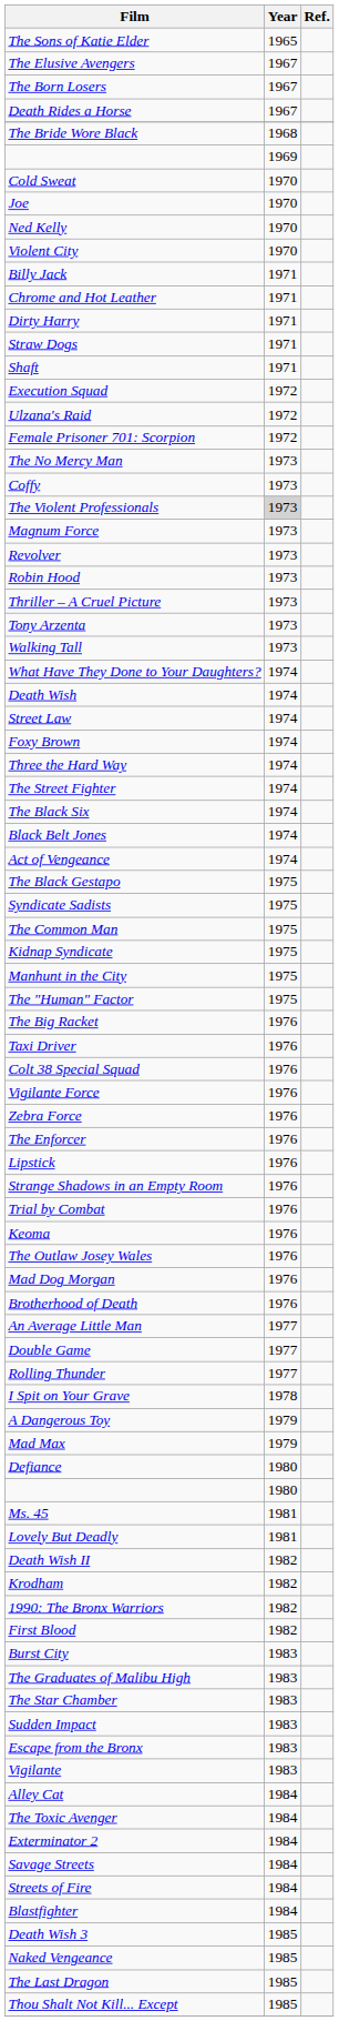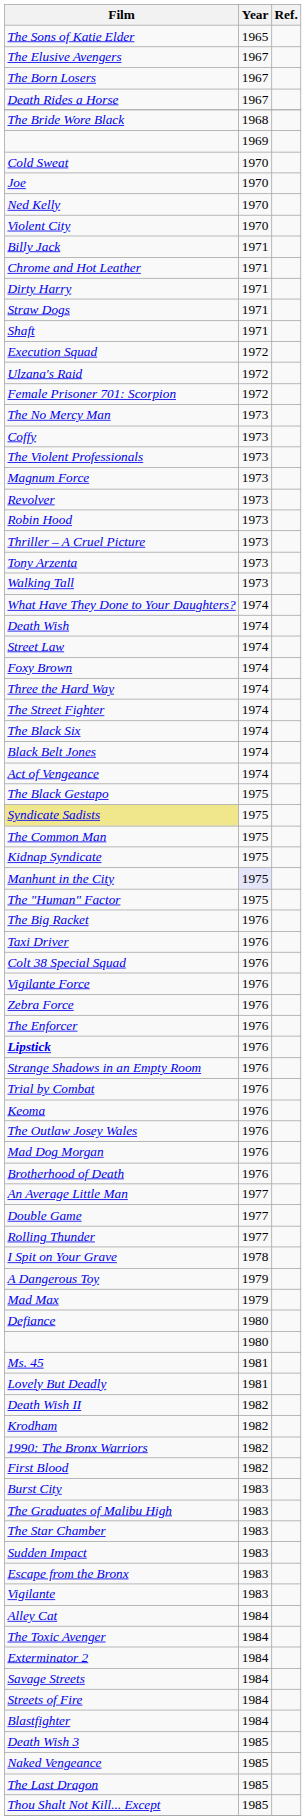 <table class="wikitable sortable" border="1" >
 <tr>
 <th scope="col">Film</th>
 <th scope="col">Year</th>
 <th scope="col" class="unsortable" style=white-space:nowrap>Ref.</th>
 </tr>
 <tr>
 <td><em><a href='#'>The Sons of Katie Elder</a></em></td>
 <td>1965</td>
 <td></td>
 </tr>
 <tr>
 <td><em><a href='#'>The Elusive Avengers</a></em></td>
 <td>1967</td>
 <td></td>
 </tr>
 <tr>
 <td><em><a href='#'>The Born Losers</a></em></td>
 <td>1967</td>
 <td></td>
 </tr>
 <tr>
 <td><em><a href='#'>Death Rides a Horse</a></em></td>
 <td>1967</td>
 <td></td>
 </tr>
 <tr>
 </tr>
 <tr>
 <td><em><a href='#'>The Bride Wore Black</a></em></td>
 <td>1968</td>
 <td></td>
 </tr>
 <tr>
 <td><em></em></td>
 <td>1969</td>
 <td></td>
 </tr>
 <tr>
 <td><em><a href='#'>Cold Sweat</a></em></td>
 <td>1970</td>
 <td></td>
 </tr>
 <tr>
 <td><em><a href='#'>Joe</a></em></td>
 <td>1970</td>
 <td></td>
 </tr>
 <tr>
 <td><em><a href='#'>Ned Kelly</a></em></td>
 <td>1970</td>
 <td></td>
 </tr>
 <tr>
 <td><em><a href='#'>Violent City</a></em></td>
 <td>1970</td>
 <td></td>
 </tr>
 <tr>
 <td><em><a href='#'>Billy Jack</a></em></td>
 <td>1971</td>
 <td></td>
 </tr>
 <tr>
 <td><em><a href='#'>Chrome and Hot Leather</a></em></td>
 <td>1971</td>
 <td></td>
 </tr>
 <tr>
 <td><em><a href='#'>Dirty Harry</a></em></td>
 <td>1971</td>
 <td></td>
 </tr>
 <tr>
 <td><em><a href='#'>Straw Dogs</a></em></td>
 <td>1971</td>
 <td></td>
 </tr>
 <tr>
 <td><em><a href='#'>Shaft</a></em></td>
 <td>1971</td>
 <td></td>
 </tr>
 <tr>
 <td><em><a href='#'>Execution Squad</a></em></td>
 <td>1972</td>
 <td></td>
 </tr>
 <tr>
 <td><em><a href='#'>Ulzana's Raid</a></em></td>
 <td>1972</td>
 <td></td>
 </tr>
 <tr>
 <td><em><a href='#'>Female Prisoner 701: Scorpion</a></em></td>
 <td>1972</td>
 <td></td>
 </tr>
 <tr>
 <td><em><a href='#'>The No Mercy Man</a></em></td>
 <td>1973</td>
 <td></td>
 </tr>
 <tr>
 <td><em><a href='#'>Coffy</a></em></td>
 <td>1973</td>
 <td></td>
 </tr>
 <tr>
 <td><em><a href='#'>The Violent Professionals</a></em></td>
-<td style="background: lightgrey;">1973</td>
+<td>1973</td>
 <td></td>
 </tr>
 <tr>
 <td><em> <a href='#'>Magnum Force</a> </em></td>
 <td>1973</td>
 <td></td>
 </tr>
 <tr>
 <td><em><a href='#'>Revolver</a></em></td>
 <td>1973</td>
 <td></td>
 </tr>
 <tr>
 <td><em><a href='#'>Robin Hood</a></em></td>
 <td>1973</td>
 <td></td>
 </tr>
 <tr>
 <td><em><a href='#'>Thriller – A Cruel Picture</a></em></td>
 <td>1973</td>
 <td></td>
 </tr>
 <tr>
 <td><em><a href='#'>Tony Arzenta</a></em></td>
 <td>1973</td>
 <td></td>
 </tr>
 <tr>
 <td><em><a href='#'>Walking Tall</a></em></td>
 <td>1973</td>
 <td></td>
 </tr>
 <tr>
 <td><em><a href='#'>What Have They Done to Your Daughters?</a></em></td>
 <td>1974</td>
 <td></td>
 </tr>
 <tr>
 <td><em><a href='#'>Death Wish</a></em></td>
 <td>1974</td>
 <td></td>
 </tr>
 <tr>
 <td><em><a href='#'>Street Law</a></em></td>
 <td>1974</td>
 <td></td>
 </tr>
 <tr>
 <td><em><a href='#'>Foxy Brown</a></em></td>
 <td>1974</td>
 <td></td>
 </tr>
 <tr>
 <td><em><a href='#'>Three the Hard Way</a></em></td>
 <td>1974</td>
 <td></td>
 </tr>
 <tr>
 <td><em><a href='#'>The Street Fighter</a></em></td>
 <td>1974</td>
 <td></td>
 </tr>
 <tr>
 <td><em><a href='#'>The Black Six</a></em></td>
 <td>1974</td>
 <td></td>
 </tr>
 <tr>
 <td><em><a href='#'>Black Belt Jones</a></em></td>
 <td>1974</td>
 <td></td>
 </tr>
 <tr>
 <td><em><a href='#'>Act of Vengeance</a></em></td>
 <td>1974</td>
 <td></td>
 </tr>
 <tr>
 <td><em><a href='#'>The Black Gestapo</a></em></td>
 <td>1975</td>
 <td></td>
 </tr>
 <tr>
-<td><em><a href='#'>Syndicate Sadists</a></em></td>
+<td style="background: khaki;"><em><a href='#'>Syndicate Sadists</a></em></td>
 <td>1975</td>
 <td></td>
 </tr>
 <tr>
 <td><em><a href='#'>The Common Man</a></em></td>
 <td>1975</td>
 <td></td>
 </tr>
 <tr>
 <td><em><a href='#'>Kidnap Syndicate</a></em></td>
 <td>1975</td>
 <td></td>
 </tr>
 <tr>
 <td><em><a href='#'>Manhunt in the City</a></em></td>
-<td>1975</td>
+<td style="background: lavender;">1975</td>
 <td></td>
 </tr>
 <tr>
 <td><em><a href='#'>The "Human" Factor</a></em></td>
 <td>1975</td>
 <td></td>
 </tr>
 <tr>
 <td><em><a href='#'>The Big Racket</a></em></td>
 <td>1976</td>
 <td></td>
 </tr>
 <tr>
 <td><em><a href='#'>Taxi Driver</a></em></td>
 <td>1976</td>
 <td></td>
 </tr>
 <tr>
 <td><em><a href='#'>Colt 38 Special Squad</a></em></td>
 <td>1976</td>
 <td></td>
 </tr>
 <tr>
 <td><em><a href='#'>Vigilante Force</a></em></td>
 <td>1976</td>
 <td></td>
 </tr>
 <tr>
 <td><em><a href='#'>Zebra Force</a></em></td>
 <td>1976</td>
 <td></td>
 </tr>
 <tr>
 <td><em><a href='#'>The Enforcer</a></em></td>
 <td>1976</td>
 <td></td>
 </tr>
 <tr>
-<td><em><a href='#'>Lipstick</a></em></td>
+<td><strong><em><a href='#'>Lipstick</a></em></strong></td>
 <td>1976</td>
 <td></td>
 </tr>
 <tr>
 <td><em><a href='#'>Strange Shadows in an Empty Room</a></em></td>
 <td>1976</td>
 <td></td>
 </tr>
 <tr>
 <td><em><a href='#'>Trial by Combat</a></em></td>
 <td>1976</td>
 <td></td>
 </tr>
 <tr>
 <td><em><a href='#'>Keoma</a></em></td>
 <td>1976</td>
 <td></td>
 </tr>
 <tr>
 <td><em><a href='#'>The Outlaw Josey Wales</a></em></td>
 <td>1976</td>
 <td></td>
 </tr>
 <tr>
 <td><em><a href='#'>Mad Dog Morgan</a></em></td>
 <td>1976</td>
 <td></td>
 </tr>
 <tr>
 <td><em><a href='#'>Brotherhood of Death</a></em></td>
 <td>1976</td>
 <td></td>
 </tr>
 <tr>
 <td><em><a href='#'>An Average Little Man</a></em></td>
 <td>1977</td>
 <td></td>
 </tr>
 <tr>
 <td><em><a href='#'>Double Game</a></em></td>
 <td>1977</td>
 <td></td>
 </tr>
 <tr>
 <td><em><a href='#'>Rolling Thunder</a></em></td>
 <td>1977</td>
 <td></td>
 </tr>
 <tr>
 <td><em><a href='#'>I Spit on Your Grave</a></em></td>
 <td>1978</td>
 <td></td>
 </tr>
 <tr>
 <td><em><a href='#'>A Dangerous Toy</a></em></td>
 <td>1979</td>
 <td></td>
 </tr>
 <tr>
 <td><em><a href='#'>Mad Max</a></em></td>
 <td>1979</td>
 <td></td>
 </tr>
 <tr>
 <td><em><a href='#'>Defiance</a></em></td>
 <td>1980</td>
 <td></td>
 </tr>
 <tr>
 <td><em></em></td>
 <td>1980</td>
 <td></td>
 </tr>
 <tr>
 <td><em><a href='#'>Ms. 45</a></em></td>
 <td>1981</td>
 <td></td>
 </tr>
 <tr>
 <td><em><a href='#'>Lovely But Deadly</a></em></td>
 <td>1981</td>
 <td></td>
 </tr>
 <tr>
 <td><em><a href='#'>Death Wish II</a></em></td>
 <td>1982</td>
 <td></td>
 </tr>
 <tr>
 <td><em><a href='#'>Krodham</a></em></td>
 <td>1982</td>
 <td></td>
 </tr>
 <tr>
 <td><em><a href='#'>1990: The Bronx Warriors</a></em></td>
 <td>1982</td>
 <td></td>
 </tr>
 <tr>
 <td><em><a href='#'>First Blood</a></em></td>
 <td>1982</td>
 <td></td>
 </tr>
 <tr>
 <td><em><a href='#'>Burst City</a></em></td>
 <td>1983</td>
 <td></td>
 </tr>
 <tr>
 <td><em><a href='#'>The Graduates of Malibu High</a></em></td>
 <td>1983</td>
 <td></td>
 </tr>
 <tr>
 <td><em><a href='#'>The Star Chamber</a></em></td>
 <td>1983</td>
 <td></td>
 </tr>
 <tr>
 <td><em><a href='#'>Sudden Impact</a></em></td>
 <td>1983</td>
 <td></td>
 </tr>
 <tr>
 <td><em><a href='#'>Escape from the Bronx</a></em></td>
 <td>1983</td>
 <td></td>
 </tr>
 <tr>
 <td><em><a href='#'>Vigilante</a></em></td>
 <td>1983</td>
 <td></td>
 </tr>
 <tr>
 <td><em><a href='#'>Alley Cat</a></em></td>
 <td>1984</td>
 <td></td>
 </tr>
 <tr>
 <td><em><a href='#'>The Toxic Avenger</a></em></td>
 <td>1984</td>
 <td></td>
 </tr>
 <tr>
 <td><em><a href='#'>Exterminator 2</a></em></td>
 <td>1984</td>
 <td></td>
 </tr>
 <tr>
 <td><em><a href='#'>Savage Streets</a></em></td>
 <td>1984</td>
 <td></td>
 </tr>
 <tr>
 <td><em><a href='#'>Streets of Fire</a></em></td>
 <td>1984</td>
 <td></td>
 </tr>
 <tr>
 <td><em><a href='#'>Blastfighter</a></em></td>
 <td>1984</td>
 <td></td>
 </tr>
 <tr>
 <td><em><a href='#'>Death Wish 3</a></em></td>
 <td>1985</td>
 <td></td>
 </tr>
 <tr>
 <td><em><a href='#'>Naked Vengeance</a></em></td>
 <td>1985</td>
 <td></td>
 </tr>
 <tr>
 <td><em><a href='#'>The Last Dragon</a></em></td>
 <td>1985</td>
 <td></td>
 </tr>
 <tr>
 <td><em><a href='#'>Thou Shalt Not Kill... Except</a></em></td>
 <td>1985</td>
 <td></td>
 </tr>
 <tr>
 </tr>
 </table>
